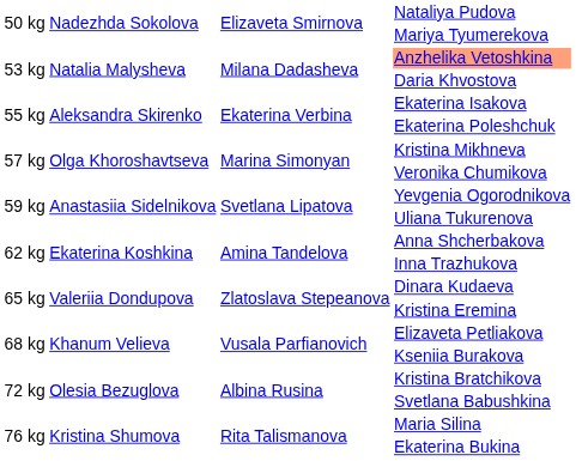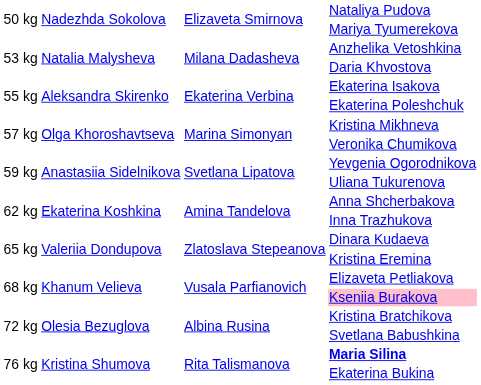 <table>
 <tr>
 <td rowspan=2>50 kg<br></td>
 <td rowspan=2> <a href='#'>Nadezhda Sokolova</a></td>
 <td rowspan=2> <a href='#'>Elizaveta Smirnova</a></td>
 <td> <a href='#'>Nataliya Pudova</a></td>
 </tr>
 <tr>
 <td> <a href='#'>Mariya Tyumerekova</a></td>
 </tr>
 <tr>
 <td rowspan=2>53 kg<br></td>
 <td rowspan=2> <a href='#'>Natalia Malysheva</a></td>
 <td rowspan=2> <a href='#'>Milana Dadasheva</a></td>
-<td style="background: lightsalmon;"> <a href='#'>Anzhelika Vetoshkina</a></td>
+<td> <a href='#'>Anzhelika Vetoshkina</a></td>
 </tr>
 <tr>
 <td> <a href='#'>Daria Khvostova</a></td>
 </tr>
 <tr>
 <td rowspan=2>55 kg<br></td>
 <td rowspan=2> <a href='#'>Aleksandra Skirenko</a></td>
 <td rowspan=2> <a href='#'>Ekaterina Verbina</a></td>
 <td> <a href='#'>Ekaterina Isakova</a></td>
 </tr>
 <tr>
 <td> <a href='#'>Ekaterina Poleshchuk</a></td>
 </tr>
 <tr>
 <td rowspan=2>57 kg<br></td>
 <td rowspan=2> <a href='#'>Olga Khoroshavtseva</a></td>
 <td rowspan=2> <a href='#'>Marina Simonyan</a></td>
 <td> <a href='#'>Kristina Mikhneva</a></td>
 </tr>
 <tr>
 <td> <a href='#'>Veronika Chumikova</a></td>
 </tr>
 <tr>
 <td rowspan=2>59 kg<br></td>
 <td rowspan=2> <a href='#'>Anastasiia Sidelnikova</a></td>
 <td rowspan=2> <a href='#'>Svetlana Lipatova</a></td>
 <td> <a href='#'>Yevgenia Ogorodnikova</a></td>
 </tr>
 <tr>
 <td> <a href='#'>Uliana Tukurenova</a></td>
 </tr>
 <tr>
 <td rowspan=2>62 kg<br></td>
 <td rowspan=2> <a href='#'>Ekaterina Koshkina</a></td>
 <td rowspan=2> <a href='#'>Amina Tandelova</a></td>
 <td> <a href='#'>Anna Shcherbakova</a></td>
 </tr>
 <tr>
 <td> <a href='#'>Inna Trazhukova</a></td>
 </tr>
 <tr>
 <td rowspan=2>65 kg<br></td>
 <td rowspan=2> <a href='#'>Valeriia Dondupova</a></td>
 <td rowspan=2> <a href='#'>Zlatoslava Stepeanova</a></td>
 <td> <a href='#'>Dinara Kudaeva</a></td>
 </tr>
 <tr>
 <td> <a href='#'>Kristina Eremina</a></td>
 </tr>
 <tr>
 <td rowspan=2>68 kg<br></td>
 <td rowspan=2> <a href='#'>Khanum Velieva</a></td>
 <td rowspan=2> <a href='#'>Vusala Parfianovich</a></td>
 <td> <a href='#'>Elizaveta Petliakova</a></td>
 </tr>
 <tr>
-<td> <a href='#'>Kseniia Burakova</a></td>
+<td style="background: pink;"> <a href='#'>Kseniia Burakova</a></td>
 </tr>
 <tr>
 <td rowspan=2>72 kg<br></td>
 <td rowspan=2> <a href='#'>Olesia Bezuglova</a></td>
 <td rowspan=2> <a href='#'>Albina Rusina</a></td>
 <td> <a href='#'>Kristina Bratchikova</a></td>
 </tr>
 <tr>
 <td> <a href='#'>Svetlana Babushkina</a></td>
 </tr>
 <tr>
 <td rowspan=2>76 kg<br></td>
 <td rowspan=2> <a href='#'>Kristina Shumova</a></td>
 <td rowspan=2> <a href='#'>Rita Talismanova</a></td>
-<td> <a href='#'>Maria Silina</a></td>
+<td><strong> <a href='#'>Maria Silina</a></strong></td>
 </tr>
 <tr>
 <td> <a href='#'>Ekaterina Bukina</a></td>
 </tr>
 </table>
